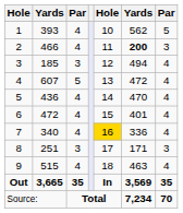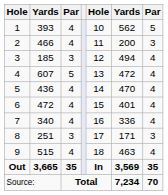 <table class="wikitable" style="text-align:center; font-size:100%">
 <tr>
 <th>Hole</th>
 <th>Yards</th>
 <th>Par</th>
 <th></th>
 <th>Hole</th>
 <th>Yards</th>
 <th>Par</th>
 </tr>
 <tr>
 <td>1</td>
 <td>393</td>
 <td>4</td>
 <td rowspan=10 style="background:#E6E8FA;"></td>
 <td>10</td>
 <td>562</td>
 <td>5</td>
 </tr>
 <tr>
 <td>2</td>
 <td>466</td>
 <td>4</td>
 <td>11</td>
-<td><strong>200</strong></td>
+<td>200</td>
 <td>3</td>
 </tr>
 <tr>
 <td>3</td>
 <td>185</td>
 <td>3</td>
 <td>12</td>
 <td>494</td>
 <td>4</td>
 </tr>
 <tr>
 <td>4</td>
 <td>607</td>
 <td>5</td>
 <td>13</td>
 <td>472</td>
 <td>4</td>
 </tr>
 <tr>
 <td>5</td>
 <td>436</td>
 <td>4</td>
 <td>14</td>
 <td>470</td>
 <td>4</td>
 </tr>
 <tr>
 <td>6</td>
 <td>472</td>
 <td>4</td>
 <td>15</td>
 <td>401</td>
 <td>4</td>
 </tr>
 <tr>
 <td>7</td>
 <td>340</td>
 <td>4</td>
-<td style="background: gold;">16</td>
+<td>16</td>
 <td>336</td>
 <td>4</td>
 </tr>
 <tr>
 <td>8</td>
 <td>251</td>
 <td>3</td>
 <td>17</td>
 <td>171</td>
 <td>3</td>
 </tr>
 <tr>
 <td>9</td>
 <td>515</td>
 <td>4</td>
 <td>18</td>
 <td>463</td>
 <td>4</td>
 </tr>
 <tr>
 <td><strong>Out</strong></td>
 <td><strong>3,665</strong></td>
 <td><strong>35</strong></td>
 <td><strong>In</strong></td>
 <td><strong>3,569</strong></td>
 <td><strong>35</strong></td>
 </tr>
 <tr>
 <td colspan=2 align=left><small>Source:</small> </td>
 <td colspan=3><strong>Total</strong></td>
 <td><strong>7,234</strong></td>
 <td><strong>70</strong></td>
 </tr>
 </table>
